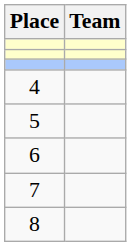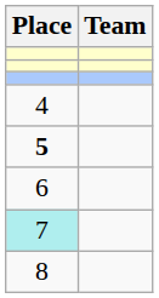 <table class="wikitable">
 <tr>
 <th>Place</th>
 <th>Team</th>
 </tr>
 <tr bgcolor=#ffffcc>
 <td align=center></td>
 <td></td>
 </tr>
 <tr bgcolor=#ffffcc>
 <td align=center></td>
 <td></td>
 </tr>
 <tr bgcolor=#aac9fc>
 <td align=center></td>
 <td></td>
 </tr>
 <tr>
 <td align=center>4</td>
 <td></td>
 </tr>
 <tr>
-<td align=center>5</td>
+<td align=center><strong>5</strong></td>
 <td></td>
 </tr>
 <tr>
 <td align=center>6</td>
 <td></td>
 </tr>
 <tr>
-<td align=center>7</td>
+<td align=center style="background: paleturquoise;">7</td>
 <td></td>
 </tr>
 <tr>
 <td align=center>8</td>
 <td></td>
 </tr>
 </table>
